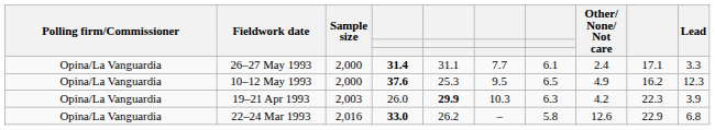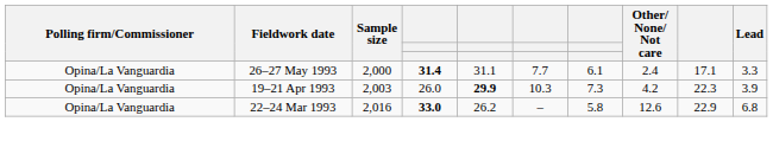 <table class="wikitable collapsible collapsed" style="text-align:center; font-size:90%; line-height:14px;">
 <tr style="height:42px;">
 <th style="width:250px;" rowspan="3">Polling firm/Commissioner</th>
 <th style="width:125px;" rowspan="3">Fieldwork date</th>
 <th style="width:50px;" rowspan="3">Sample size</th>
 <th style="width:55px;"></th>
 <th style="width:55px;"></th>
 <th style="width:55px;"></th>
 <th style="width:55px;"></th>
 <th style="width:55px;" rowspan="3">Other/<br>None/<br>Not<br>care</th>
 <th style="width:55px;" rowspan="3"></th>
 <th style="width:30px;" rowspan="3">Lead</th>
 </tr>
 <tr>
 <th style="color:inherit;background:"></th>
 <th style="color:inherit;background:"></th>
 <th style="color:inherit;background:"></th>
 <th style="color:inherit;background:"></th>
 </tr>
 <tr>
 <th></th>
 <th></th>
 <th></th>
 <th></th>
 </tr>
 <tr>
 <td>Opina/La Vanguardia</td>
 <td>26–27 May 1993</td>
 <td>2,000</td>
 <td><strong>31.4</strong></td>
 <td>31.1</td>
 <td>7.7</td>
 <td>6.1</td>
 <td>2.4</td>
 <td>17.1</td>
 <td style="background:">3.3</td>
 </tr>
 <tr>
 <td>Opina/La Vanguardia</td>
-<td>10–12 May 1993</td>
-<td>2,000</td>
-<td><strong>37.6</strong></td>
-<td>25.3</td>
-<td>9.5</td>
-<td>6.5</td>
-<td>4.9</td>
-<td>16.2</td>
-<td style="background:">12.3</td>
-</tr>
-<tr>
-<td>Opina/La Vanguardia</td>
 <td>19–21 Apr 1993</td>
 <td>2,003</td>
 <td>26.0</td>
 <td><strong>29.9</strong></td>
 <td>10.3</td>
-<td>6.3</td>
+<td>7.3</td>
 <td>4.2</td>
 <td>22.3</td>
 <td style="background:">3.9</td>
 </tr>
 <tr>
 <td>Opina/La Vanguardia</td>
 <td>22–24 Mar 1993</td>
 <td>2,016</td>
 <td><strong>33.0</strong></td>
 <td>26.2</td>
 <td>–</td>
 <td>5.8</td>
 <td>12.6</td>
 <td>22.9</td>
 <td style="background:">6.8</td>
 </tr>
 </table>
